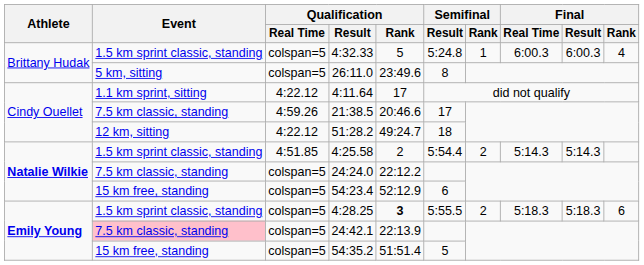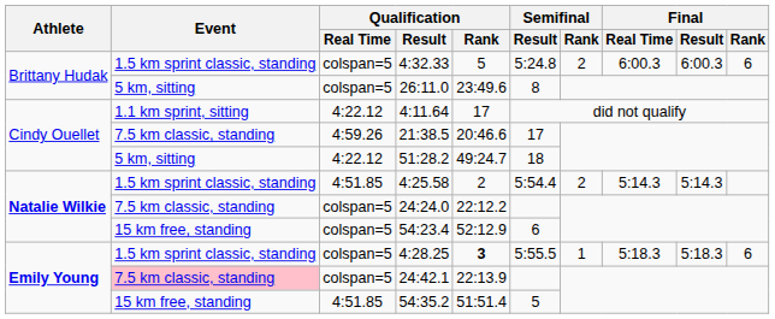 <table class="wikitable" style="font-size:90%">
 <tr>
 <th rowspan=2>Athlete</th>
 <th rowspan=2>Event</th>
 <th colspan=3>Qualification</th>
 <th colspan=2>Semifinal</th>
 <th colspan=3>Final</th>
 </tr>
 <tr style="font-size:95%">
 <th>Real Time</th>
 <th>Result</th>
 <th>Rank</th>
 <th>Result</th>
 <th>Rank</th>
 <th>Real Time</th>
 <th>Result</th>
 <th>Rank</th>
 </tr>
 <tr align=center>
 <td align=left rowspan=2><a href='#'>Brittany Hudak</a></td>
 <td align=left><a href='#'>1.5 km sprint classic, standing</a></td>
 <td>colspan=5 </td>
 <td>4:32.33</td>
 <td>5</td>
 <td>5:24.8</td>
-<td>1</td>
+<td>2</td>
 <td>6:00.3</td>
 <td>6:00.3</td>
-<td>4</td>
+<td>6</td>
 </tr>
 <tr align=center>
 <td align=left><a href='#'>5 km, sitting</a></td>
 <td>colspan=5 </td>
 <td>26:11.0</td>
 <td>23:49.6</td>
 <td>8</td>
 </tr>
 <tr align=center>
 <td align=left rowspan=3><a href='#'>Cindy Ouellet</a></td>
 <td align=left><a href='#'>1.1 km sprint, sitting</a></td>
 <td>4:22.12</td>
 <td>4:11.64</td>
 <td>17</td>
 <td colspan=5>did not qualify</td>
 </tr>
 <tr align=center>
 <td align=left><a href='#'>7.5 km classic, standing</a></td>
 <td>4:59.26</td>
 <td>21:38.5</td>
 <td>20:46.6</td>
 <td>17</td>
 </tr>
 <tr align=center>
-<td align=left><a href='#'>12 km, sitting</a></td>
+<td align=left><a href='#'>5 km, sitting</a></td>
 <td>4:22.12</td>
 <td>51:28.2</td>
 <td>49:24.7</td>
 <td>18</td>
 </tr>
 <tr align=center>
 <td align=left rowspan=3><strong><a href='#'>Natalie Wilkie</a></strong></td>
 <td align=left><a href='#'>1.5 km sprint classic, standing</a></td>
 <td>4:51.85</td>
 <td>4:25.58</td>
 <td>2</td>
 <td>5:54.4</td>
 <td>2</td>
 <td>5:14.3</td>
 <td>5:14.3</td>
 <td></td>
 </tr>
 <tr align=center>
 <td align=left><a href='#'>7.5 km classic, standing</a></td>
 <td>colspan=5 </td>
 <td>24:24.0</td>
 <td>22:12.2</td>
 <td></td>
 </tr>
 <tr align=center>
 <td align=left><a href='#'>15 km free, standing</a></td>
 <td>colspan=5 </td>
 <td>54:23.4</td>
 <td>52:12.9</td>
 <td>6</td>
 </tr>
 <tr align=center>
 <td align=left rowspan=3><strong><a href='#'>Emily Young</a></strong></td>
 <td align=left><a href='#'>1.5 km sprint classic, standing</a></td>
 <td>colspan=5 </td>
 <td>4:28.25</td>
 <td><strong>3</strong></td>
 <td>5:55.5</td>
-<td>2</td>
+<td>1</td>
 <td>5:18.3</td>
 <td>5:18.3</td>
 <td>6</td>
 </tr>
 <tr align=center>
 <td align=left style="background: pink;"><a href='#'>7.5 km classic, standing</a></td>
 <td>colspan=5 </td>
 <td>24:42.1</td>
 <td>22:13.9</td>
 <td></td>
 </tr>
 <tr align=center>
 <td align=left><a href='#'>15 km free, standing</a></td>
-<td>colspan=5 </td>
+<td>4:51.85</td>
 <td>54:35.2</td>
 <td>51:51.4</td>
 <td>5</td>
 </tr>
 </table>
